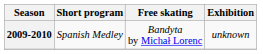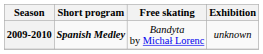 <table class="wikitable" style="text-align:center">
 <tr>
 <th>Season</th>
 <th>Short program</th>
 <th>Free skating</th>
 <th>Exhibition</th>
 </tr>
 <tr>
 <th>2009-2010</th>
-<td><em>Spanish Medley</em></td>
+<td><strong><em>Spanish Medley</em></strong></td>
 <td><em>Bandyta</em><br>by <a href='#'>Michał Lorenc</a></td>
 <td><em>unknown</em></td>
 </tr>
 <tr>
 </tr>
 </table>
